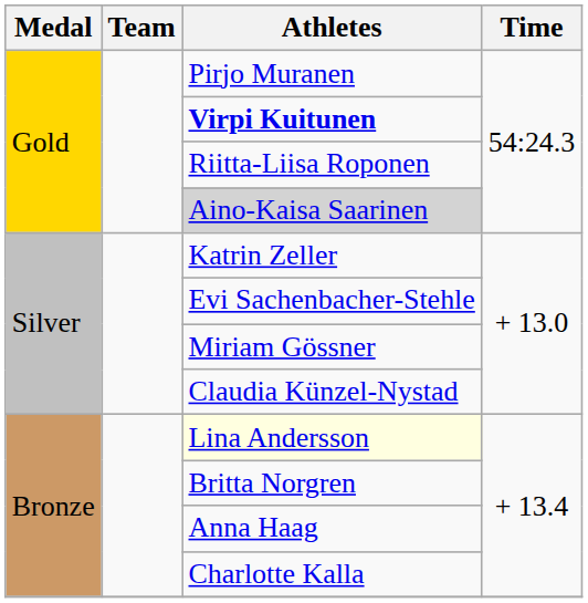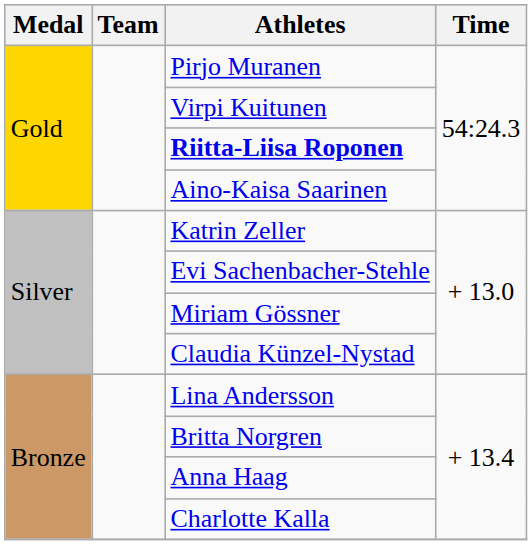 <table class="wikitable">
 <tr>
 <th align=left>Medal</th>
 <th>Team</th>
 <th>Athletes</th>
 <th align=Center>Time</th>
 </tr>
 <tr>
 <td bgcolor="gold" align=left rowspan="4">Gold</td>
 <td align=left rowspan="4"></td>
 <td align=left><a href='#'>Pirjo Muranen</a></td>
 <td align=center rowspan="4">54:24.3</td>
 </tr>
 <tr>
-<td align=left><strong><a href='#'>Virpi Kuitunen</a></strong></td>
+<td align=left><a href='#'>Virpi Kuitunen</a></td>
 </tr>
 <tr>
-<td align=left><a href='#'>Riitta-Liisa Roponen</a></td>
+<td align=left><strong><a href='#'>Riitta-Liisa Roponen</a></strong></td>
 </tr>
 <tr>
-<td align=left style="background: lightgrey;"><a href='#'>Aino-Kaisa Saarinen</a></td>
+<td align=left><a href='#'>Aino-Kaisa Saarinen</a></td>
 </tr>
 <tr>
 <td bgcolor="silver" align=left rowspan="4">Silver</td>
 <td align=left rowspan="4"></td>
 <td align=left><a href='#'>Katrin Zeller</a></td>
 <td align=center rowspan="4">+ 13.0</td>
 </tr>
 <tr>
 <td align=left><a href='#'>Evi Sachenbacher-Stehle</a></td>
 </tr>
 <tr>
 <td align=left><a href='#'>Miriam Gössner</a></td>
 </tr>
 <tr>
 <td align=left><a href='#'>Claudia Künzel-Nystad</a></td>
 </tr>
 <tr>
 <td bgcolor="CC9966" align=left rowspan="4">Bronze</td>
 <td align=left rowspan="4"></td>
-<td align=left style="background: lightyellow;"><a href='#'>Lina Andersson</a></td>
+<td align=left><a href='#'>Lina Andersson</a></td>
 <td align=center rowspan="4">+ 13.4</td>
 </tr>
 <tr>
 <td align=left><a href='#'>Britta Norgren</a></td>
 </tr>
 <tr>
 <td align=left><a href='#'>Anna Haag</a></td>
 </tr>
 <tr>
 <td align=left><a href='#'>Charlotte Kalla</a></td>
 </tr>
 <tr>
 </tr>
 </table>
